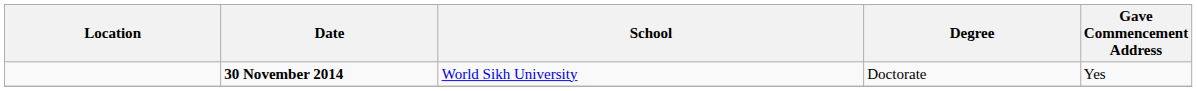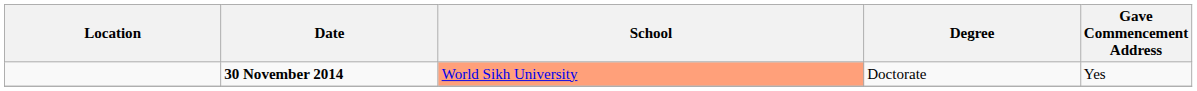 <table class="wikitable" style="width:100%;">
 <tr>
 <th style="width:20%;">Location</th>
 <th style="width:20%;">Date</th>
 <th style="width:40%;">School</th>
 <th style="width:20%;">Degree</th>
 <th style="width:20%;">Gave Commencement Address</th>
 </tr>
 <tr>
 <td></td>
 <td><strong>30 November 2014</strong></td>
-<td><a href='#'>World Sikh University</a></td>
+<td style="background: lightsalmon;"><a href='#'>World Sikh University</a></td>
 <td>Doctorate</td>
 <td>Yes</td>
 </tr>
 <tr>
 </tr>
 </table>
